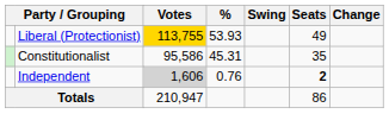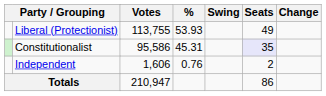 <table class="wikitable" style="text-align:right; margin-bottom:0">
 <tr>
 <th style="width:10px;" colspan=3>Party / Grouping</th>
 <th style="width:70px;">Votes</th>
 <th style="width:40px;">%</th>
 <th style="width:40px;">Swing</th>
 <th style="width:40px;">Seats</th>
 <th style="width:40px;">Change</th>
 </tr>
 <tr>
 <td> </td>
 <td style="text-align:left;" colspan="2"><a href='#'>Liberal (Protectionist)</a></td>
-<td style="background: gold; width:70px;">113,755</td>
+<td style="width:70px;">113,755</td>
 <td style="width:40px;">53.93</td>
 <td style="width:45px;"></td>
 <td style="width:40px;">49</td>
 <td style="width:55px;"></td>
 </tr>
 <tr>
 <td style="text-align:left;background:#CEF2CE"> </td>
 <td style="text-align:left;" colspan="2">Constitutionalist</td>
 <td style="width:70px;">95,586</td>
 <td style="width:40px;">45.31</td>
 <td style="width:45px;"></td>
-<td style="width:40px;">35</td>
+<td style="background: lavender; width:40px;">35</td>
 <td style="width:55px;"></td>
 </tr>
 <tr>
 <td> </td>
 <td style="text-align:left;" colspan="2"><a href='#'>Independent</a></td>
-<td style="background: lightgrey; width:70px;">1,606</td>
+<td style="width:70px;">1,606</td>
 <td style="width:40px;">0.76</td>
 <td style="width:45px;"></td>
-<td style="width:40px;"><strong>2</strong></td>
+<td style="width:40px;">2</td>
 <td style="width:55px;"></td>
 </tr>
 <tr>
 <th colspan="3"> Totals</th>
 <td>210,947</td>
 <td></td>
 <td></td>
 <td>86</td>
 <td></td>
 </tr>
 </table>
